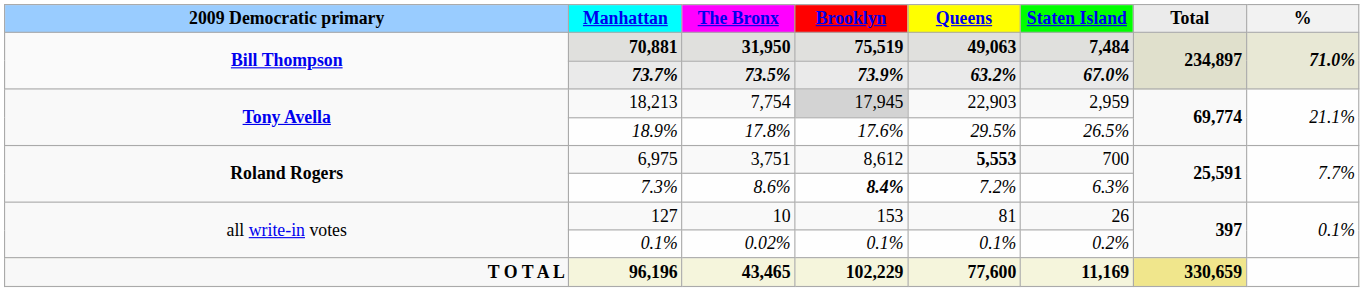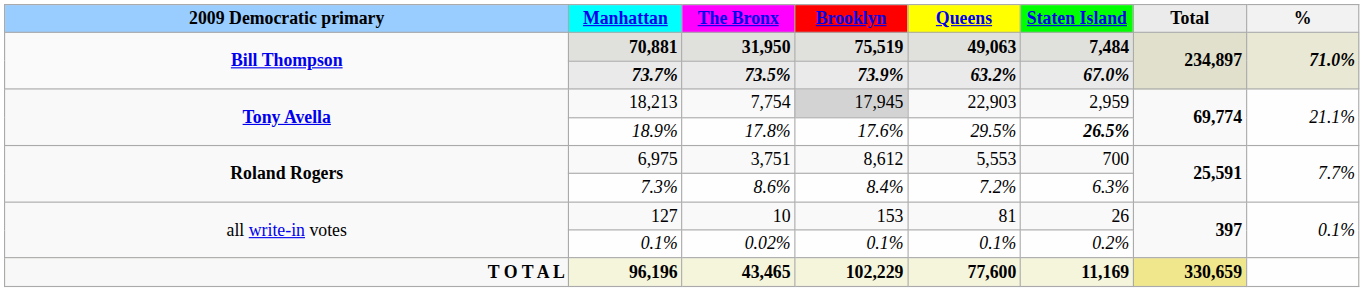 <table class="wikitable" style="text-align:right;">
 <tr style="text-align:center;">
 <td style="width:40%; background:#9cf;"><strong>2009 Democratic primary</strong></td>
 <td style="width:8%; background:aqua;"><strong><a href='#'>Manhattan</a></strong></td>
 <td style="width:8%; background:magenta;"><strong><a href='#'>The Bronx</a></strong></td>
 <td style="width:8%; background:red;"><strong><a href='#'>Brooklyn</a></strong></td>
 <td style="width:8%; background:yellow;"><strong><a href='#'>Queens</a></strong></td>
 <td style="width:8%; background:lime;"><strong><a href='#'>Staten Island</a></strong></td>
 <td style="width:8%; background:#ebebeb;"><strong>Total</strong></td>
 <td style="width:8%; background:#f2f2f2;"><strong>%</strong></td>
 </tr>
 <tr style="background:#e0e0dd;">
 <td rowspan="2" style="background:#fafafa; text-align:center;"><strong><a href='#'>Bill Thompson</a></strong></td>
 <td><strong>70,881</strong></td>
 <td><strong>31,950</strong></td>
 <td><strong>75,519</strong></td>
 <td><strong>49,063</strong></td>
 <td><strong>7,484</strong></td>
 <td rowspan="2" style="background:#e0e0cc;"><strong>234,897</strong></td>
 <td rowspan="2" style="background:#e8e8d5;"><strong><em>71.0%</em></strong></td>
 </tr>
 <tr style="background:#eaeaea;">
 <td><strong><em>73.7%</em></strong></td>
 <td><strong><em>73.5%</em></strong></td>
 <td><strong><em>73.9%</em></strong></td>
 <td><strong><em>63.2%</em></strong></td>
 <td><strong><em>67.0%</em></strong></td>
 </tr>
 <tr>
 <td rowspan="2" style="text-align:center;"><strong><a href='#'>Tony Avella</a></strong></td>
 <td>18,213</td>
 <td>7,754</td>
 <td style="background: lightgrey;">17,945</td>
 <td>22,903</td>
 <td>2,959</td>
 <td rowspan="2"><strong>69,774</strong></td>
 <td rowspan="2" style="background:#fefefe;"><em>21.1%</em></td>
 </tr>
 <tr style="background:#fefefe;">
 <td><em>18.9%</em></td>
 <td><em>17.8%</em></td>
 <td><em>17.6%</em></td>
 <td><em>29.5%</em></td>
-<td><em>26.5%</em></td>
+<td><strong><em>26.5%</em></strong></td>
 </tr>
 <tr>
 <td rowspan="2" style="text-align:center;"><strong>Roland Rogers</strong></td>
 <td>6,975</td>
 <td>3,751</td>
 <td>8,612</td>
-<td><strong>5,553</strong></td>
+<td>5,553</td>
 <td>700</td>
 <td rowspan="2"><strong>25,591</strong></td>
 <td rowspan="2" style="background:#fefefe;"><em>7.7%</em></td>
 </tr>
 <tr style="background:#fefefe;">
 <td><em>7.3%</em></td>
 <td><em>8.6%</em></td>
-<td><strong><em>8.4%</em></strong></td>
+<td><em>8.4%</em></td>
 <td><em>7.2%</em></td>
 <td><em>6.3%</em></td>
 </tr>
 <tr>
 <td rowspan="2" style="text-align:center;">all <a href='#'>write-in</a> votes</td>
 <td>127</td>
 <td>10</td>
 <td>153</td>
 <td>81</td>
 <td>26</td>
 <td rowspan="2"><strong>397</strong></td>
 <td rowspan="2" style="background:#fefefe;"><em>0.1%</em></td>
 </tr>
 <tr style="background:#fefefe;">
 <td><em>0.1%</em></td>
 <td><em>0.02%</em></td>
 <td><em>0.1%</em></td>
 <td><em>0.1%</em></td>
 <td><em>0.2%</em></td>
 </tr>
 <tr style="background:beige;">
 <td style="background:#f8f8f8;"><strong>T O T A L</strong></td>
 <td><strong>96,196</strong></td>
 <td><strong>43,465</strong></td>
 <td><strong>102,229</strong></td>
 <td><strong>77,600</strong></td>
 <td><strong>11,169</strong></td>
 <td bgcolor="khaki"><strong>330,659</strong></td>
 <td bgcolor="fefefe"> </td>
 </tr>
 </table>
